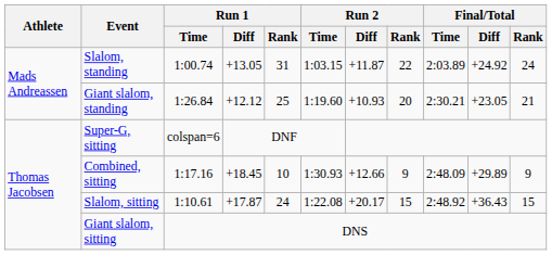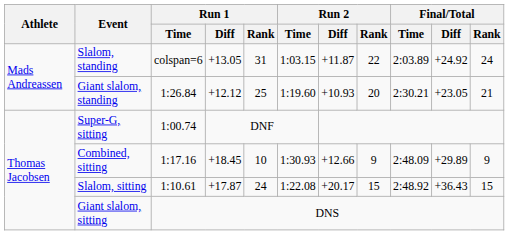 <table class="wikitable" style="font-size:90%">
 <tr>
 <th rowspan="2">Athlete</th>
 <th rowspan="2">Event</th>
 <th colspan="3">Run 1</th>
 <th colspan="3">Run 2</th>
 <th colspan="3">Final/Total</th>
 </tr>
 <tr>
 <th>Time</th>
 <th>Diff</th>
 <th>Rank</th>
 <th>Time</th>
 <th>Diff</th>
 <th>Rank</th>
 <th>Time</th>
 <th>Diff</th>
 <th>Rank</th>
 </tr>
 <tr>
 <td rowspan=2><a href='#'>Mads Andreassen</a></td>
 <td><a href='#'>Slalom, standing</a></td>
-<td align="center">1:00.74</td>
+<td>colspan=6 </td>
 <td align="center">+13.05</td>
 <td align="center">31</td>
 <td align="center">1:03.15</td>
 <td align="center">+11.87</td>
 <td align="center">22</td>
 <td align="center">2:03.89</td>
 <td align="center">+24.92</td>
 <td align="center">24</td>
 </tr>
 <tr>
 <td><a href='#'>Giant slalom, standing</a></td>
 <td align="center">1:26.84</td>
 <td align="center">+12.12</td>
 <td align="center">25</td>
 <td align="center">1:19.60</td>
 <td align="center">+10.93</td>
 <td align="center">20</td>
 <td align="center">2:30.21</td>
 <td align="center">+23.05</td>
 <td align="center">21</td>
 </tr>
 <tr>
 <td rowspan=4><a href='#'>Thomas Jacobsen</a></td>
 <td><a href='#'>Super-G, sitting</a></td>
-<td>colspan=6 </td>
+<td align="center">1:00.74</td>
 <td align="center" colspan=3>DNF</td>
 </tr>
 <tr>
 <td><a href='#'>Combined, sitting</a></td>
 <td align="center">1:17.16</td>
 <td align="center">+18.45</td>
 <td align="center">10</td>
 <td align="center">1:30.93</td>
 <td align="center">+12.66</td>
 <td align="center">9</td>
 <td align="center">2:48.09</td>
 <td align="center">+29.89</td>
 <td align="center">9</td>
 </tr>
 <tr>
 <td><a href='#'>Slalom, sitting</a></td>
 <td align="center">1:10.61</td>
 <td align="center">+17.87</td>
 <td align="center">24</td>
 <td align="center">1:22.08</td>
 <td align="center">+20.17</td>
 <td align="center">15</td>
 <td align="center">2:48.92</td>
 <td align="center">+36.43</td>
 <td align="center">15</td>
 </tr>
 <tr>
 <td><a href='#'>Giant slalom, sitting</a></td>
 <td align="center" colspan=9>DNS</td>
 </tr>
 </table>
